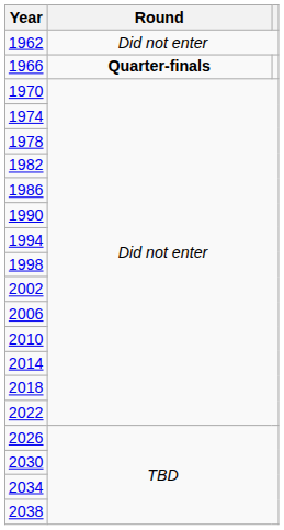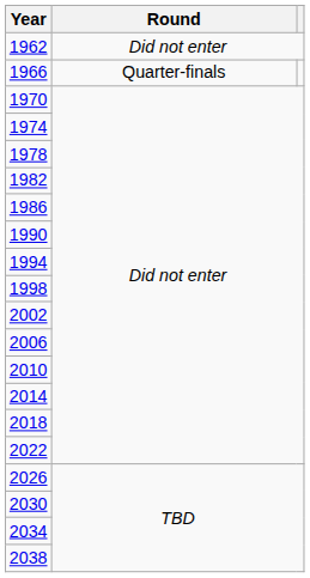 <table class="wikitable" style="text-align: center; font-size:90%">
 <tr>
 <th>Year</th>
 <th style="width:200px">Round</th>
 <th></th>
 </tr>
 <tr>
 <td><a href='#'>1962</a></td>
 <td colspan="2"><em>Did not enter</em></td>
 </tr>
 <tr>
 <td><a href='#'>1966</a></td>
-<td><strong>Quarter-finals</strong></td>
+<td>Quarter-finals</td>
 <td></td>
 </tr>
 <tr>
 <td><a href='#'>1970</a></td>
 <td colspan="2" rowspan="14"><em>Did not enter</em></td>
 </tr>
 <tr>
 <td><a href='#'>1974</a></td>
 </tr>
 <tr>
 <td><a href='#'>1978</a></td>
 </tr>
 <tr>
 <td><a href='#'>1982</a></td>
 </tr>
 <tr>
 <td><a href='#'>1986</a></td>
 </tr>
 <tr>
 <td><a href='#'>1990</a></td>
 </tr>
 <tr>
 <td><a href='#'>1994</a></td>
 </tr>
 <tr>
 <td><a href='#'>1998</a></td>
 </tr>
 <tr>
 <td><a href='#'>2002</a></td>
 </tr>
 <tr>
 <td><a href='#'>2006</a></td>
 </tr>
 <tr>
 <td><a href='#'>2010</a></td>
 </tr>
 <tr>
 <td><a href='#'>2014</a></td>
 </tr>
 <tr>
 <td><a href='#'>2018</a></td>
 </tr>
 <tr>
 <td><a href='#'>2022</a></td>
 </tr>
 <tr>
 <td><a href='#'>2026</a></td>
 <td colspan="2" rowspan="4"><em>TBD</em></td>
 </tr>
 <tr>
 <td><a href='#'>2030</a></td>
 </tr>
 <tr>
 <td><a href='#'>2034</a></td>
 </tr>
 <tr>
 <td><a href='#'>2038</a></td>
 </tr>
 </table>
